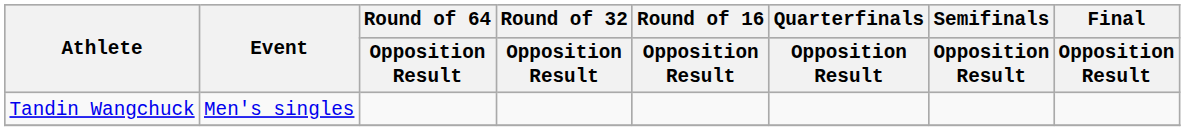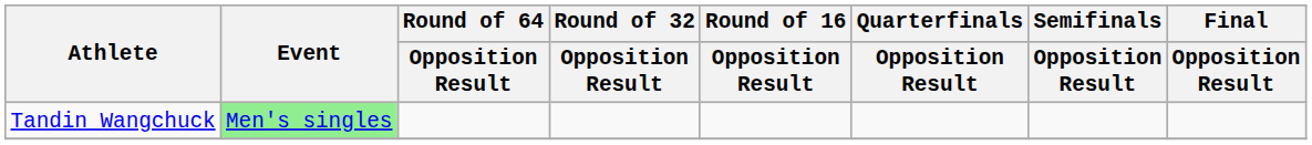 <table class="wikitable" border="1" style="font-size:90%">
 <tr>
 <th rowspan=2>Athlete</th>
 <th rowspan=2>Event</th>
 <th>Round of 64</th>
 <th>Round of 32</th>
 <th>Round of 16</th>
 <th>Quarterfinals</th>
 <th>Semifinals</th>
 <th>Final</th>
 </tr>
 <tr>
 <th>Opposition<br>Result</th>
 <th>Opposition<br>Result</th>
 <th>Opposition<br>Result</th>
 <th>Opposition<br>Result</th>
 <th>Opposition<br>Result</th>
 <th>Opposition<br>Result</th>
 </tr>
 <tr>
 <td><a href='#'>Tandin Wangchuck</a></td>
-<td><a href='#'>Men's singles</a></td>
+<td style="background: lightgreen;"><a href='#'>Men's singles</a></td>
 <td align=center></td>
 <td align=center></td>
 <td align=center></td>
 <td align=center></td>
 <td align=center></td>
 <td align=center></td>
 </tr>
 <tr>
 </tr>
 </table>
